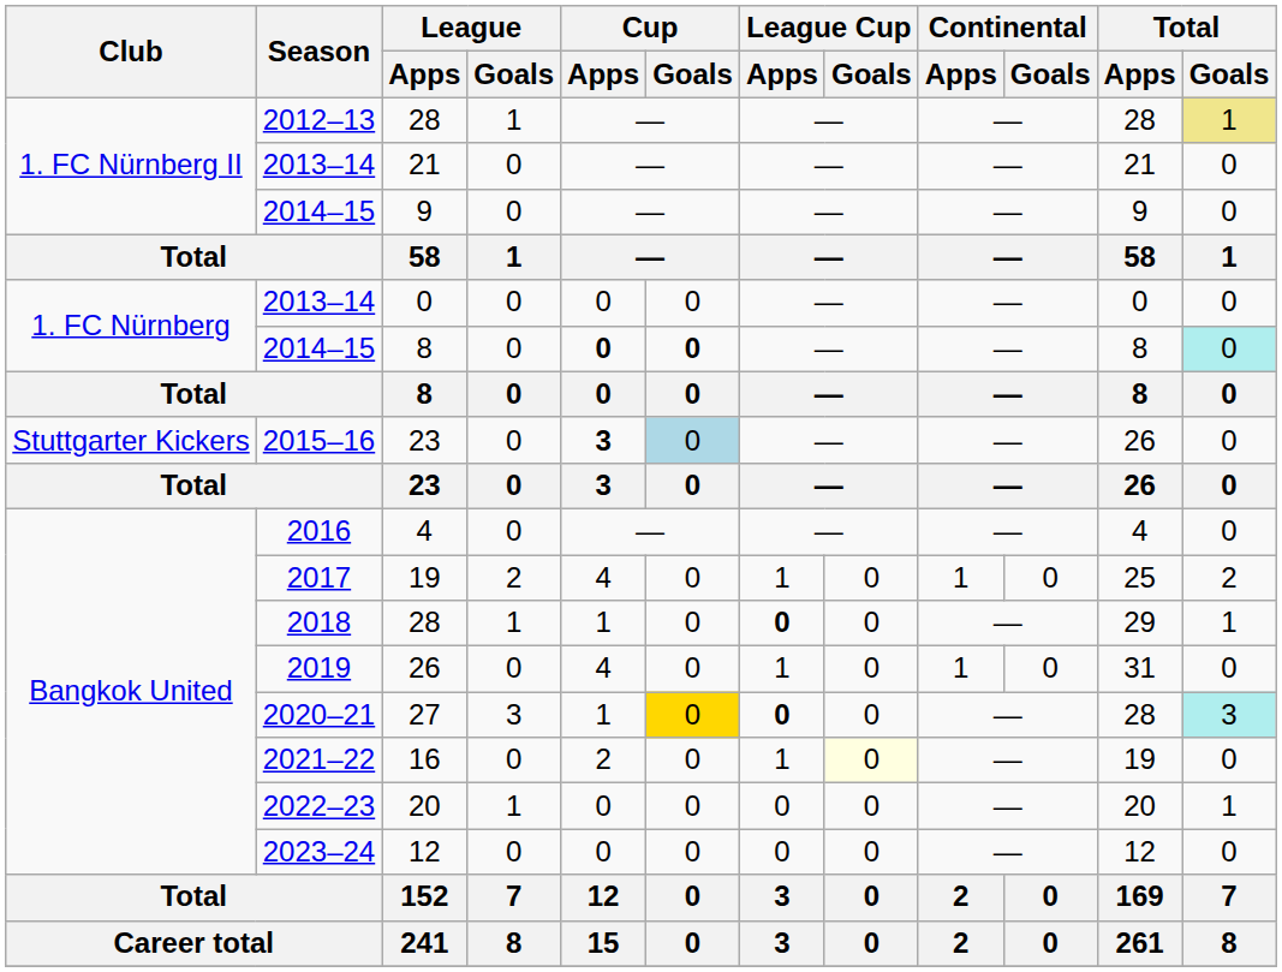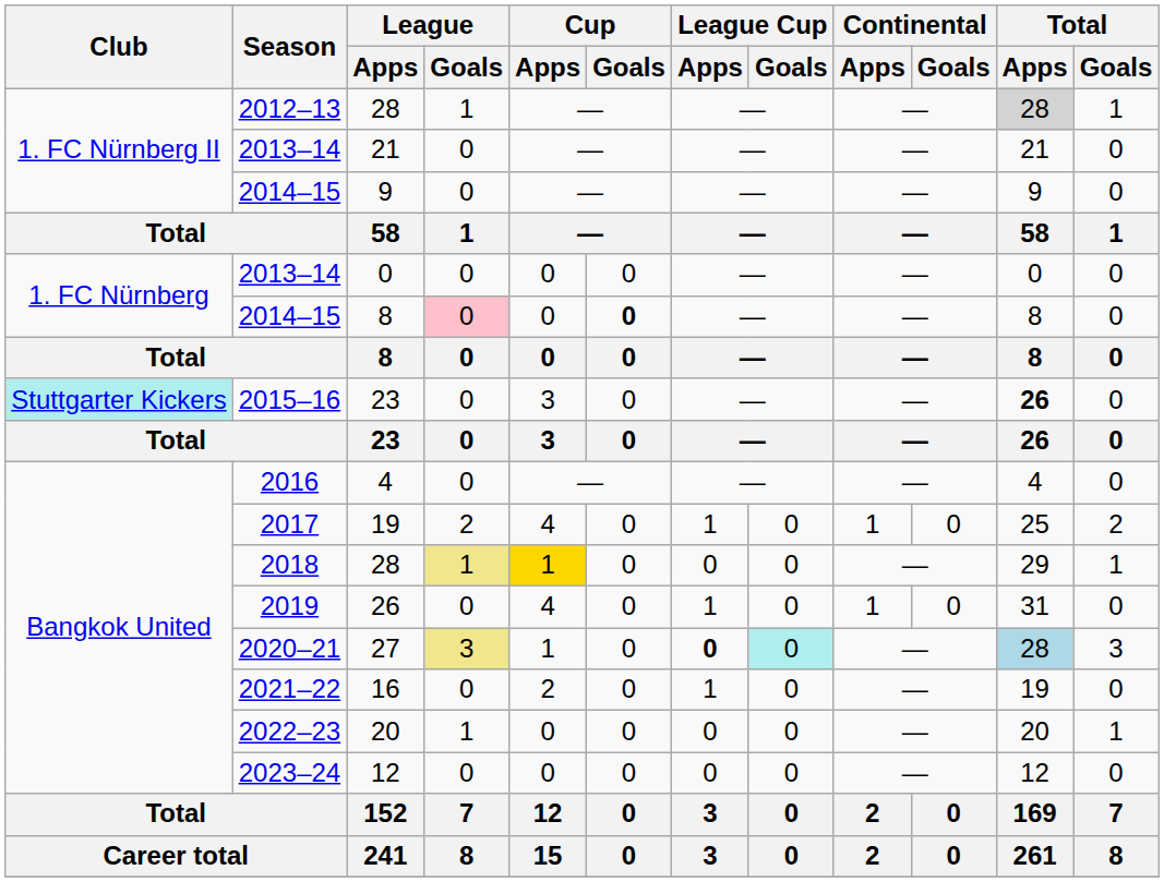 <table class="wikitable" style="text-align:center">
 <tr>
 <th rowspan="2">Club</th>
 <th rowspan="2">Season</th>
 <th colspan="2">League</th>
 <th colspan="2">Cup</th>
 <th colspan="2">League Cup</th>
 <th colspan="2">Continental</th>
 <th colspan="2">Total</th>
 </tr>
 <tr>
 <th>Apps</th>
 <th>Goals</th>
 <th>Apps</th>
 <th>Goals</th>
 <th>Apps</th>
 <th>Goals</th>
 <th>Apps</th>
 <th>Goals</th>
 <th>Apps</th>
 <th>Goals</th>
 </tr>
 <tr>
 <td rowspan="3"><a href='#'>1. FC Nürnberg II</a></td>
 <td><a href='#'>2012–13</a></td>
 <td>28</td>
 <td>1</td>
 <td colspan="2">—</td>
 <td colspan="2">—</td>
 <td colspan="2">—</td>
-<td>28</td>
-<td style="background: khaki;">1</td>
+<td style="background: lightgrey;">28</td>
+<td>1</td>
 </tr>
 <tr>
 <td><a href='#'>2013–14</a></td>
 <td>21</td>
 <td>0</td>
 <td colspan="2">—</td>
 <td colspan="2">—</td>
 <td colspan="2">—</td>
 <td>21</td>
 <td>0</td>
 </tr>
 <tr>
 <td><a href='#'>2014–15</a></td>
 <td>9</td>
 <td>0</td>
 <td colspan="2">—</td>
 <td colspan="2">—</td>
 <td colspan="2">—</td>
 <td>9</td>
 <td>0</td>
 </tr>
 <tr>
 <th colspan=2>Total</th>
 <th>58</th>
 <th>1</th>
 <th colspan="2">—</th>
 <th colspan="2">—</th>
 <th colspan="2">—</th>
 <th>58</th>
 <th>1</th>
 </tr>
 <tr>
 <td rowspan="2"><a href='#'>1. FC Nürnberg</a></td>
 <td><a href='#'>2013–14</a></td>
 <td>0</td>
 <td>0</td>
 <td>0</td>
 <td>0</td>
 <td colspan="2">—</td>
 <td colspan="2">—</td>
 <td>0</td>
 <td>0</td>
 </tr>
 <tr>
 <td><a href='#'>2014–15</a></td>
 <td>8</td>
+<td style="background: pink;">0</td>
 <td>0</td>
-<td><strong>0</strong></td>
 <td><strong>0</strong></td>
 <td colspan="2">—</td>
 <td colspan="2">—</td>
 <td>8</td>
-<td style="background: paleturquoise;">0</td>
+<td>0</td>
 </tr>
 <tr>
 <th colspan=2>Total</th>
 <th>8</th>
 <th>0</th>
 <th>0</th>
 <th>0</th>
 <th colspan="2">—</th>
 <th colspan="2">—</th>
 <th>8</th>
 <th>0</th>
 </tr>
 <tr>
-<td><a href='#'>Stuttgarter Kickers</a></td>
+<td style="background: paleturquoise;"><a href='#'>Stuttgarter Kickers</a></td>
 <td><a href='#'>2015–16</a></td>
 <td>23</td>
 <td>0</td>
-<td><strong>3</strong></td>
-<td style="background: lightblue;">0</td>
+<td>3</td>
+<td>0</td>
 <td colspan="2">—</td>
 <td colspan="2">—</td>
-<td>26</td>
+<td><strong>26</strong></td>
 <td>0</td>
 </tr>
 <tr>
 <th colspan=2>Total</th>
 <th>23</th>
 <th>0</th>
 <th>3</th>
 <th>0</th>
 <th colspan="2">—</th>
 <th colspan="2">—</th>
 <th>26</th>
 <th>0</th>
 </tr>
 <tr>
 <td rowspan="8"><a href='#'>Bangkok United</a></td>
 <td><a href='#'>2016</a></td>
 <td>4</td>
 <td>0</td>
 <td colspan="2">—</td>
 <td colspan="2">—</td>
 <td colspan="2">—</td>
 <td>4</td>
 <td>0</td>
 </tr>
 <tr>
 <td><a href='#'>2017</a></td>
 <td>19</td>
 <td>2</td>
 <td>4</td>
 <td>0</td>
 <td>1</td>
 <td>0</td>
 <td>1</td>
 <td>0</td>
 <td>25</td>
 <td>2</td>
 </tr>
 <tr>
 <td><a href='#'>2018</a></td>
 <td>28</td>
-<td>1</td>
-<td>1</td>
+<td style="background: khaki;">1</td>
+<td style="background: gold;">1</td>
 <td>0</td>
-<td><strong>0</strong></td>
+<td>0</td>
 <td>0</td>
 <td colspan="2">—</td>
 <td>29</td>
 <td>1</td>
 </tr>
 <tr>
 <td><a href='#'>2019</a></td>
 <td>26</td>
 <td>0</td>
 <td>4</td>
 <td>0</td>
 <td>1</td>
 <td>0</td>
 <td>1</td>
 <td>0</td>
 <td>31</td>
 <td>0</td>
 </tr>
 <tr>
 <td><a href='#'>2020–21</a></td>
 <td>27</td>
+<td style="background: khaki;">3</td>
+<td>1</td>
+<td>0</td>
+<td><strong>0</strong></td>
+<td style="background: paleturquoise;">0</td>
+<td colspan="2">—</td>
+<td style="background: lightblue;">28</td>
 <td>3</td>
-<td>1</td>
-<td style="background: gold;">0</td>
-<td><strong>0</strong></td>
-<td>0</td>
-<td colspan="2">—</td>
-<td>28</td>
-<td style="background: paleturquoise;">3</td>
 </tr>
 <tr>
 <td><a href='#'>2021–22</a></td>
 <td>16</td>
 <td>0</td>
 <td>2</td>
 <td>0</td>
 <td>1</td>
-<td style="background: lightyellow;">0</td>
+<td>0</td>
 <td colspan="2">—</td>
 <td>19</td>
 <td>0</td>
 </tr>
 <tr>
 <td><a href='#'>2022–23</a></td>
 <td>20</td>
 <td>1</td>
 <td>0</td>
 <td>0</td>
 <td>0</td>
 <td>0</td>
 <td colspan="2">—</td>
 <td>20</td>
 <td>1</td>
 </tr>
 <tr>
 <td><a href='#'>2023–24</a></td>
 <td>12</td>
 <td>0</td>
 <td>0</td>
 <td>0</td>
 <td>0</td>
 <td>0</td>
 <td colspan="2">—</td>
 <td>12</td>
 <td>0</td>
 </tr>
 <tr>
 <th colspan="2">Total</th>
 <th>152</th>
 <th>7</th>
 <th>12</th>
 <th>0</th>
 <th>3</th>
 <th>0</th>
 <th>2</th>
 <th>0</th>
 <th>169</th>
 <th>7</th>
 </tr>
 <tr>
 <th colspan="2">Career total</th>
 <th>241</th>
 <th>8</th>
 <th>15</th>
 <th>0</th>
 <th>3</th>
 <th>0</th>
 <th>2</th>
 <th>0</th>
 <th>261</th>
 <th>8</th>
 </tr>
 <tr>
 </tr>
 </table>
